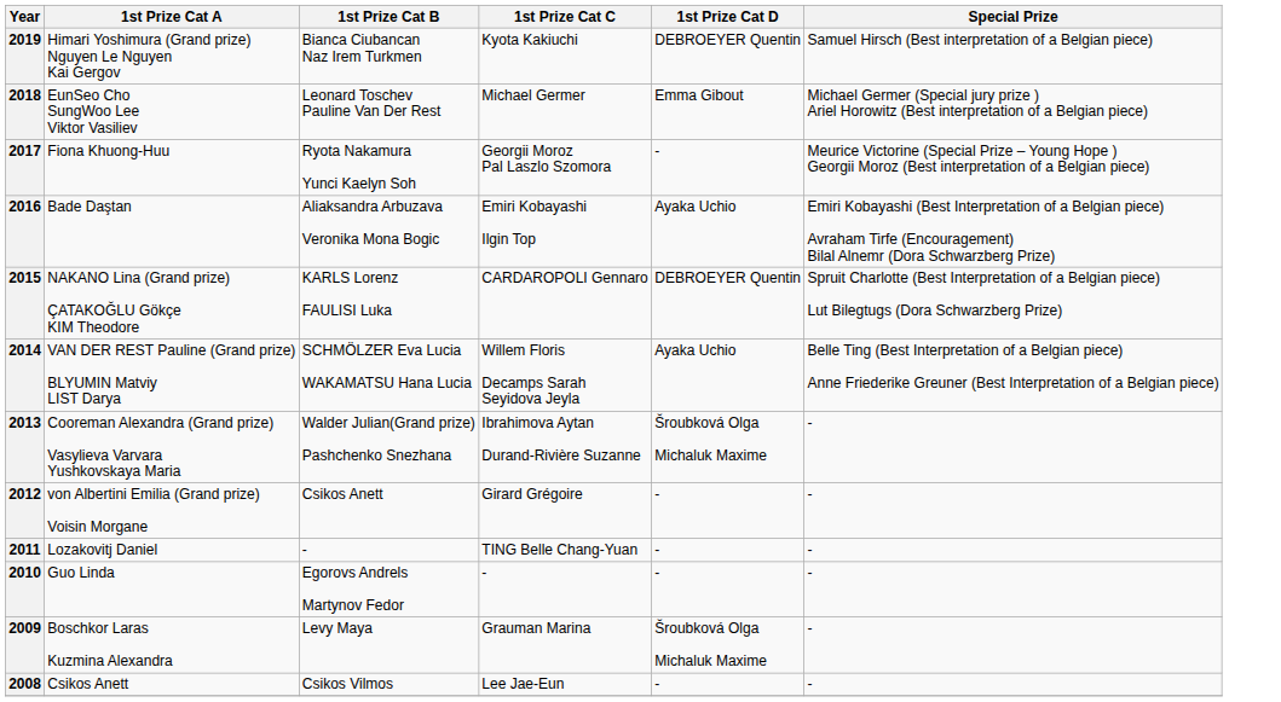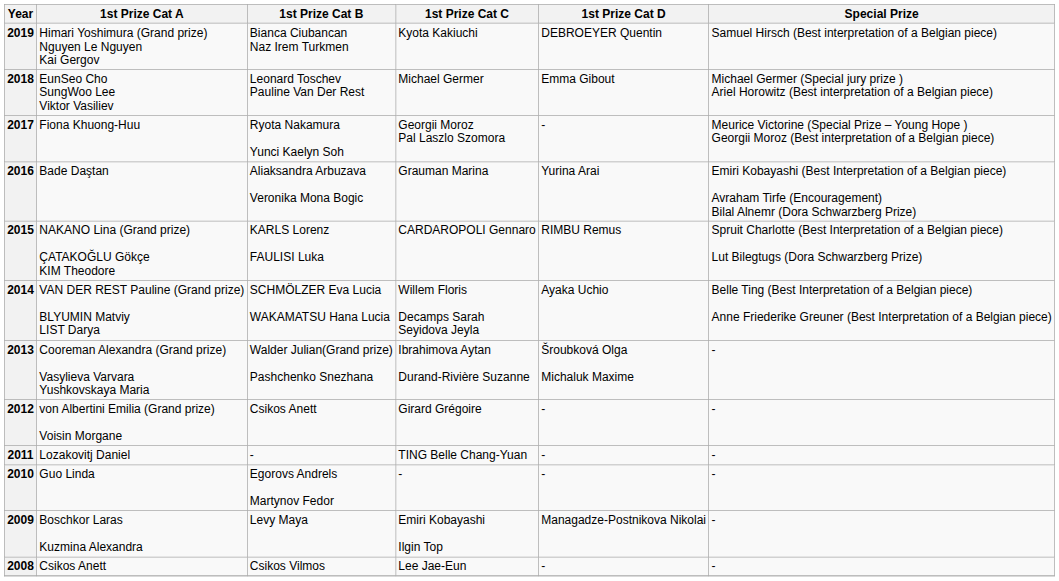 <table class="wikitable">
 <tr>
 <th>Year</th>
 <th>1st Prize Cat A</th>
 <th>1st Prize Cat B</th>
 <th>1st Prize Cat C</th>
 <th>1st Prize Cat D</th>
 <th>Special Prize</th>
 </tr>
 <tr valign="top">
 <th>2019</th>
 <td> Himari Yoshimura (Grand prize) <br>   Nguyen Le Nguyen  <br>  Kai Gergov</td>
 <td>Bianca Ciubancan  <br> Naz Irem Turkmen</td>
 <td>Kyota Kakiuchi</td>
 <td> DEBROEYER Quentin</td>
 <td>Samuel Hirsch (Best interpretation of a Belgian piece)</td>
 </tr>
 <tr valign="top">
 <th>2018</th>
 <td> EunSeo Cho <br>   SungWoo Lee <br>  Viktor Vasiliev</td>
 <td>Leonard Toschev <br>  Pauline Van Der Rest</td>
 <td>Michael Germer</td>
 <td> Emma Gibout</td>
 <td>Michael Germer (Special jury prize )<br>Ariel Horowitz (Best interpretation of a Belgian piece)</td>
 </tr>
 <tr valign="top">
 <th>2017</th>
 <td> Fiona Khuong-Huu <br></td>
 <td>Ryota Nakamura <br><br> Yunci Kaelyn Soh</td>
 <td>Georgii Moroz<br>Pal Laszlo Szomora</td>
 <td>-</td>
 <td>Meurice Victorine (Special Prize – Young Hope )<br>Georgii Moroz (Best interpretation of a Belgian piece)</td>
 </tr>
 <tr valign="top">
 <th>2016</th>
 <td> Bade Daştan</td>
 <td> Aliaksandra Arbuzava<br><br> Veronika Mona Bogic</td>
-<td> Emiri Kobayashi<br><br> Ilgin Top</td>
-<td> Ayaka Uchio</td>
+<td> Grauman Marina</td>
+<td> Yurina Arai</td>
 <td> Emiri Kobayashi (Best Interpretation of a Belgian piece)<br><br> Avraham Tirfe (Encouragement)<br> Bilal Alnemr (Dora Schwarzberg Prize)</td>
 </tr>
 <tr valign="top">
 <th>2015</th>
 <td> NAKANO Lina (Grand prize)<br><br> ÇATAKOĞLU Gökçe<br>  KIM Theodore</td>
 <td> KARLS Lorenz<br><br> FAULISI Luka</td>
 <td> CARDAROPOLI Gennaro</td>
-<td> DEBROEYER Quentin</td>
+<td> RIMBU Remus</td>
 <td> Spruit Charlotte (Best Interpretation of a Belgian piece)<br><br> Lut Bilegtugs (Dora Schwarzberg Prize)</td>
 </tr>
 <tr valign="top">
 <th>2014</th>
 <td> VAN DER REST Pauline (Grand prize)<br><br> BLYUMIN Matviy<br>  LIST Darya</td>
 <td> SCHMÖLZER Eva Lucia<br><br> WAKAMATSU Hana Lucia</td>
 <td> Willem Floris<br><br> Decamps Sarah<br>  Seyidova Jeyla</td>
 <td> Ayaka Uchio</td>
 <td> Belle Ting (Best Interpretation of a Belgian piece)<br><br> Anne Friederike Greuner (Best Interpretation of a Belgian piece)</td>
 </tr>
 <tr valign="top">
 <th>2013</th>
 <td> Cooreman Alexandra (Grand prize)<br><br> Vasylieva Varvara<br>  Yushkovskaya Maria</td>
 <td> Walder Julian(Grand prize)<br><br> Pashchenko Snezhana</td>
 <td>  Ibrahimova Aytan<br><br> Durand-Rivière Suzanne</td>
 <td> Šroubková Olga<br><br> Michaluk Maxime</td>
 <td>-</td>
 </tr>
 <tr valign="top">
 <th>2012</th>
 <td> von Albertini Emilia (Grand prize)<br><br> Voisin Morgane</td>
 <td> Csikos Anett</td>
 <td> Girard Grégoire</td>
 <td>-</td>
 <td>-</td>
 </tr>
 <tr valign="top">
 <th>2011</th>
 <td> Lozakovitj Daniel</td>
 <td>-</td>
 <td> TING Belle Chang-Yuan</td>
 <td>-</td>
 <td>-</td>
 </tr>
 <tr valign="top">
 <th>2010</th>
 <td> Guo Linda</td>
 <td> Egorovs Andrels<br><br> Martynov Fedor</td>
 <td>-</td>
 <td>-</td>
 <td>-</td>
 </tr>
 <tr valign="top">
 <th>2009</th>
 <td> Boschkor Laras<br><br> Kuzmina Alexandra</td>
 <td> Levy Maya</td>
-<td> Grauman Marina</td>
-<td> Šroubková Olga<br><br> Michaluk Maxime</td>
+<td> Emiri Kobayashi<br><br> Ilgin Top</td>
+<td> Managadze-Postnikova Nikolai</td>
 <td>-</td>
 </tr>
 <tr valign="top">
 <th>2008</th>
 <td> Csikos Anett</td>
 <td> Csikos Vilmos</td>
 <td> Lee Jae-Eun</td>
 <td>-</td>
 <td>-</td>
 </tr>
 <tr valign="top">
 </tr>
 </table>
